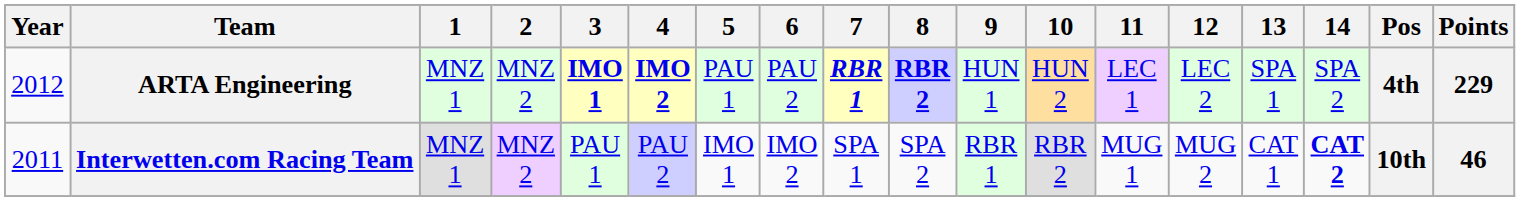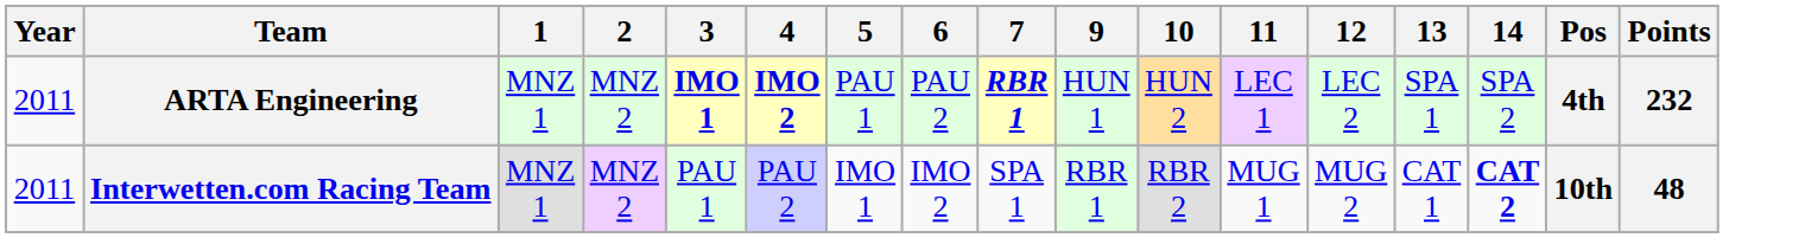 <table class="wikitable" style="text-align:center; font-size:85%">
 <tr>
 <th>Year</th>
 <th>Team</th>
 <th>1</th>
 <th>2</th>
 <th>3</th>
 <th>4</th>
 <th>5</th>
 <th>6</th>
 <th>7</th>
-<th>8</th>
 <th>9</th>
 <th>10</th>
 <th>11</th>
 <th>12</th>
 <th>13</th>
 <th>14</th>
 <th>Pos</th>
 <th>Points</th>
 </tr>
 <tr>
-<td><a href='#'>2012</a></td>
+<td><a href='#'>2011</a></td>
 <th nowrap>ARTA Engineering</th>
 <td style="background:#DFFFDF;"><a href='#'>MNZ<br>1</a><br></td>
 <td style="background:#DFFFDF;"><a href='#'>MNZ<br>2</a><br></td>
 <td style="background:#FFFFBF;"><strong><a href='#'>IMO<br>1</a></strong><br></td>
 <td style="background:#FFFFBF;"><strong><a href='#'>IMO<br>2</a></strong><br></td>
 <td style="background:#DFFFDF;"><a href='#'>PAU<br>1</a><br></td>
 <td style="background:#DFFFDF;"><a href='#'>PAU<br>2</a><br></td>
 <td style="background:#FFFFBF;"><strong><em><a href='#'>RBR<br>1</a></em></strong><br></td>
-<td style="background:#CFCFFF;"><strong><a href='#'>RBR<br>2</a></strong><br></td>
 <td style="background:#DFFFDF;"><a href='#'>HUN<br>1</a><br></td>
 <td style="background:#FFDF9F;"><a href='#'>HUN<br>2</a><br></td>
 <td style="background:#EFCFFF;"><a href='#'>LEC<br>1</a><br></td>
 <td style="background:#DFFFDF;"><a href='#'>LEC<br>2</a><br></td>
 <td style="background:#DFFFDF;"><a href='#'>SPA<br>1</a><br></td>
 <td style="background:#DFFFDF;"><a href='#'>SPA<br>2</a><br></td>
 <th>4th</th>
-<th>229</th>
+<th>232</th>
 </tr>
 <tr>
 <td><a href='#'>2011</a></td>
 <th nowrap><a href='#'>Interwetten.com Racing Team</a></th>
 <td style="background:#DFDFDF;"><a href='#'>MNZ<br>1</a><br></td>
 <td style="background:#EFCFFF;"><a href='#'>MNZ<br>2</a><br></td>
 <td style="background:#DFFFDF;"><a href='#'>PAU<br>1</a><br></td>
 <td style="background:#CFCFFF;"><a href='#'>PAU<br>2</a><br></td>
 <td style="background:#;"><a href='#'>IMO<br>1</a><br></td>
 <td style="background:#;"><a href='#'>IMO<br>2</a><br></td>
 <td style="background:#;"><a href='#'>SPA<br>1</a><br></td>
-<td style="background:#;"><a href='#'>SPA<br>2</a><br></td>
 <td style="background:#DFFFDF;"><a href='#'>RBR<br>1</a><br></td>
 <td style="background:#DFDFDF;"><a href='#'>RBR<br>2</a><br></td>
 <td style="background:#;"><a href='#'>MUG<br>1</a><br></td>
 <td style="background:#;"><a href='#'>MUG<br>2</a><br></td>
 <td style="background:#;"><a href='#'>CAT<br>1</a><br></td>
 <td style="background:#;"><strong><a href='#'>CAT<br>2</a><br></strong></td>
 <th>10th</th>
-<th>46</th>
+<th>48</th>
 </tr>
 </table>
